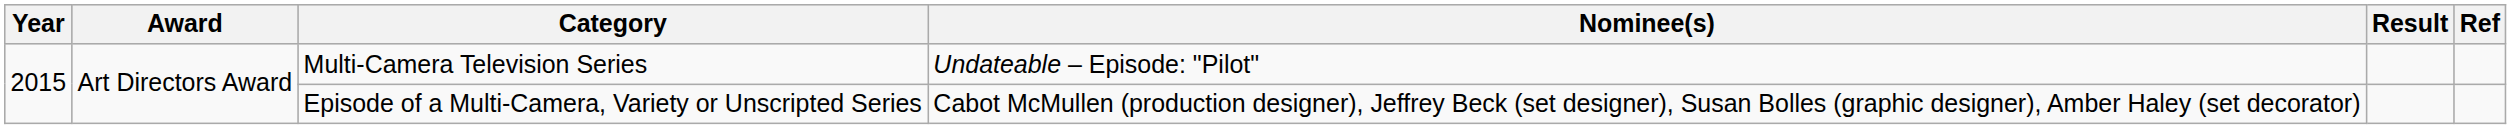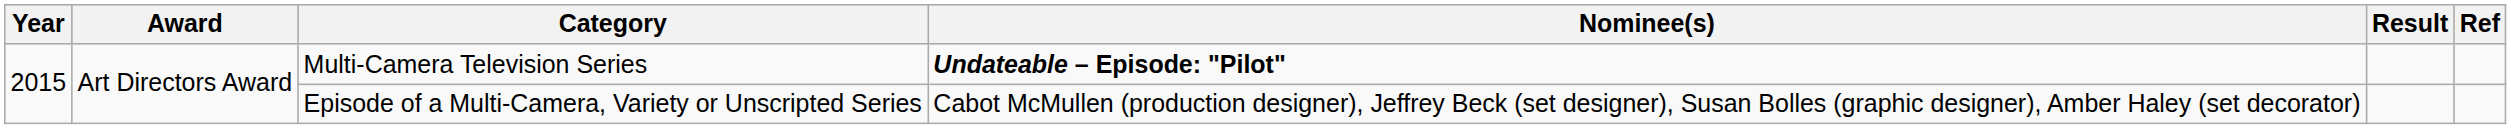 <table class="wikitable">
 <tr style="text-align:center;">
 <th>Year</th>
 <th>Award</th>
 <th>Category</th>
 <th>Nominee(s)</th>
 <th>Result</th>
 <th>Ref</th>
 </tr>
 <tr>
 <td rowspan="2">2015</td>
 <td rowspan="2">Art Directors Award</td>
 <td>Multi-Camera Television Series</td>
-<td><em>Undateable</em> – Episode: "Pilot"</td>
+<td><strong><em>Undateable</em> – Episode: "Pilot"</strong></td>
 <td></td>
 <td></td>
 </tr>
 <tr>
 <td>Episode of a Multi-Camera, Variety or Unscripted Series</td>
 <td>Cabot McMullen (production designer), Jeffrey Beck (set designer), Susan Bolles (graphic designer), Amber Haley (set decorator)</td>
 <td></td>
 <td></td>
 </tr>
 </table>
